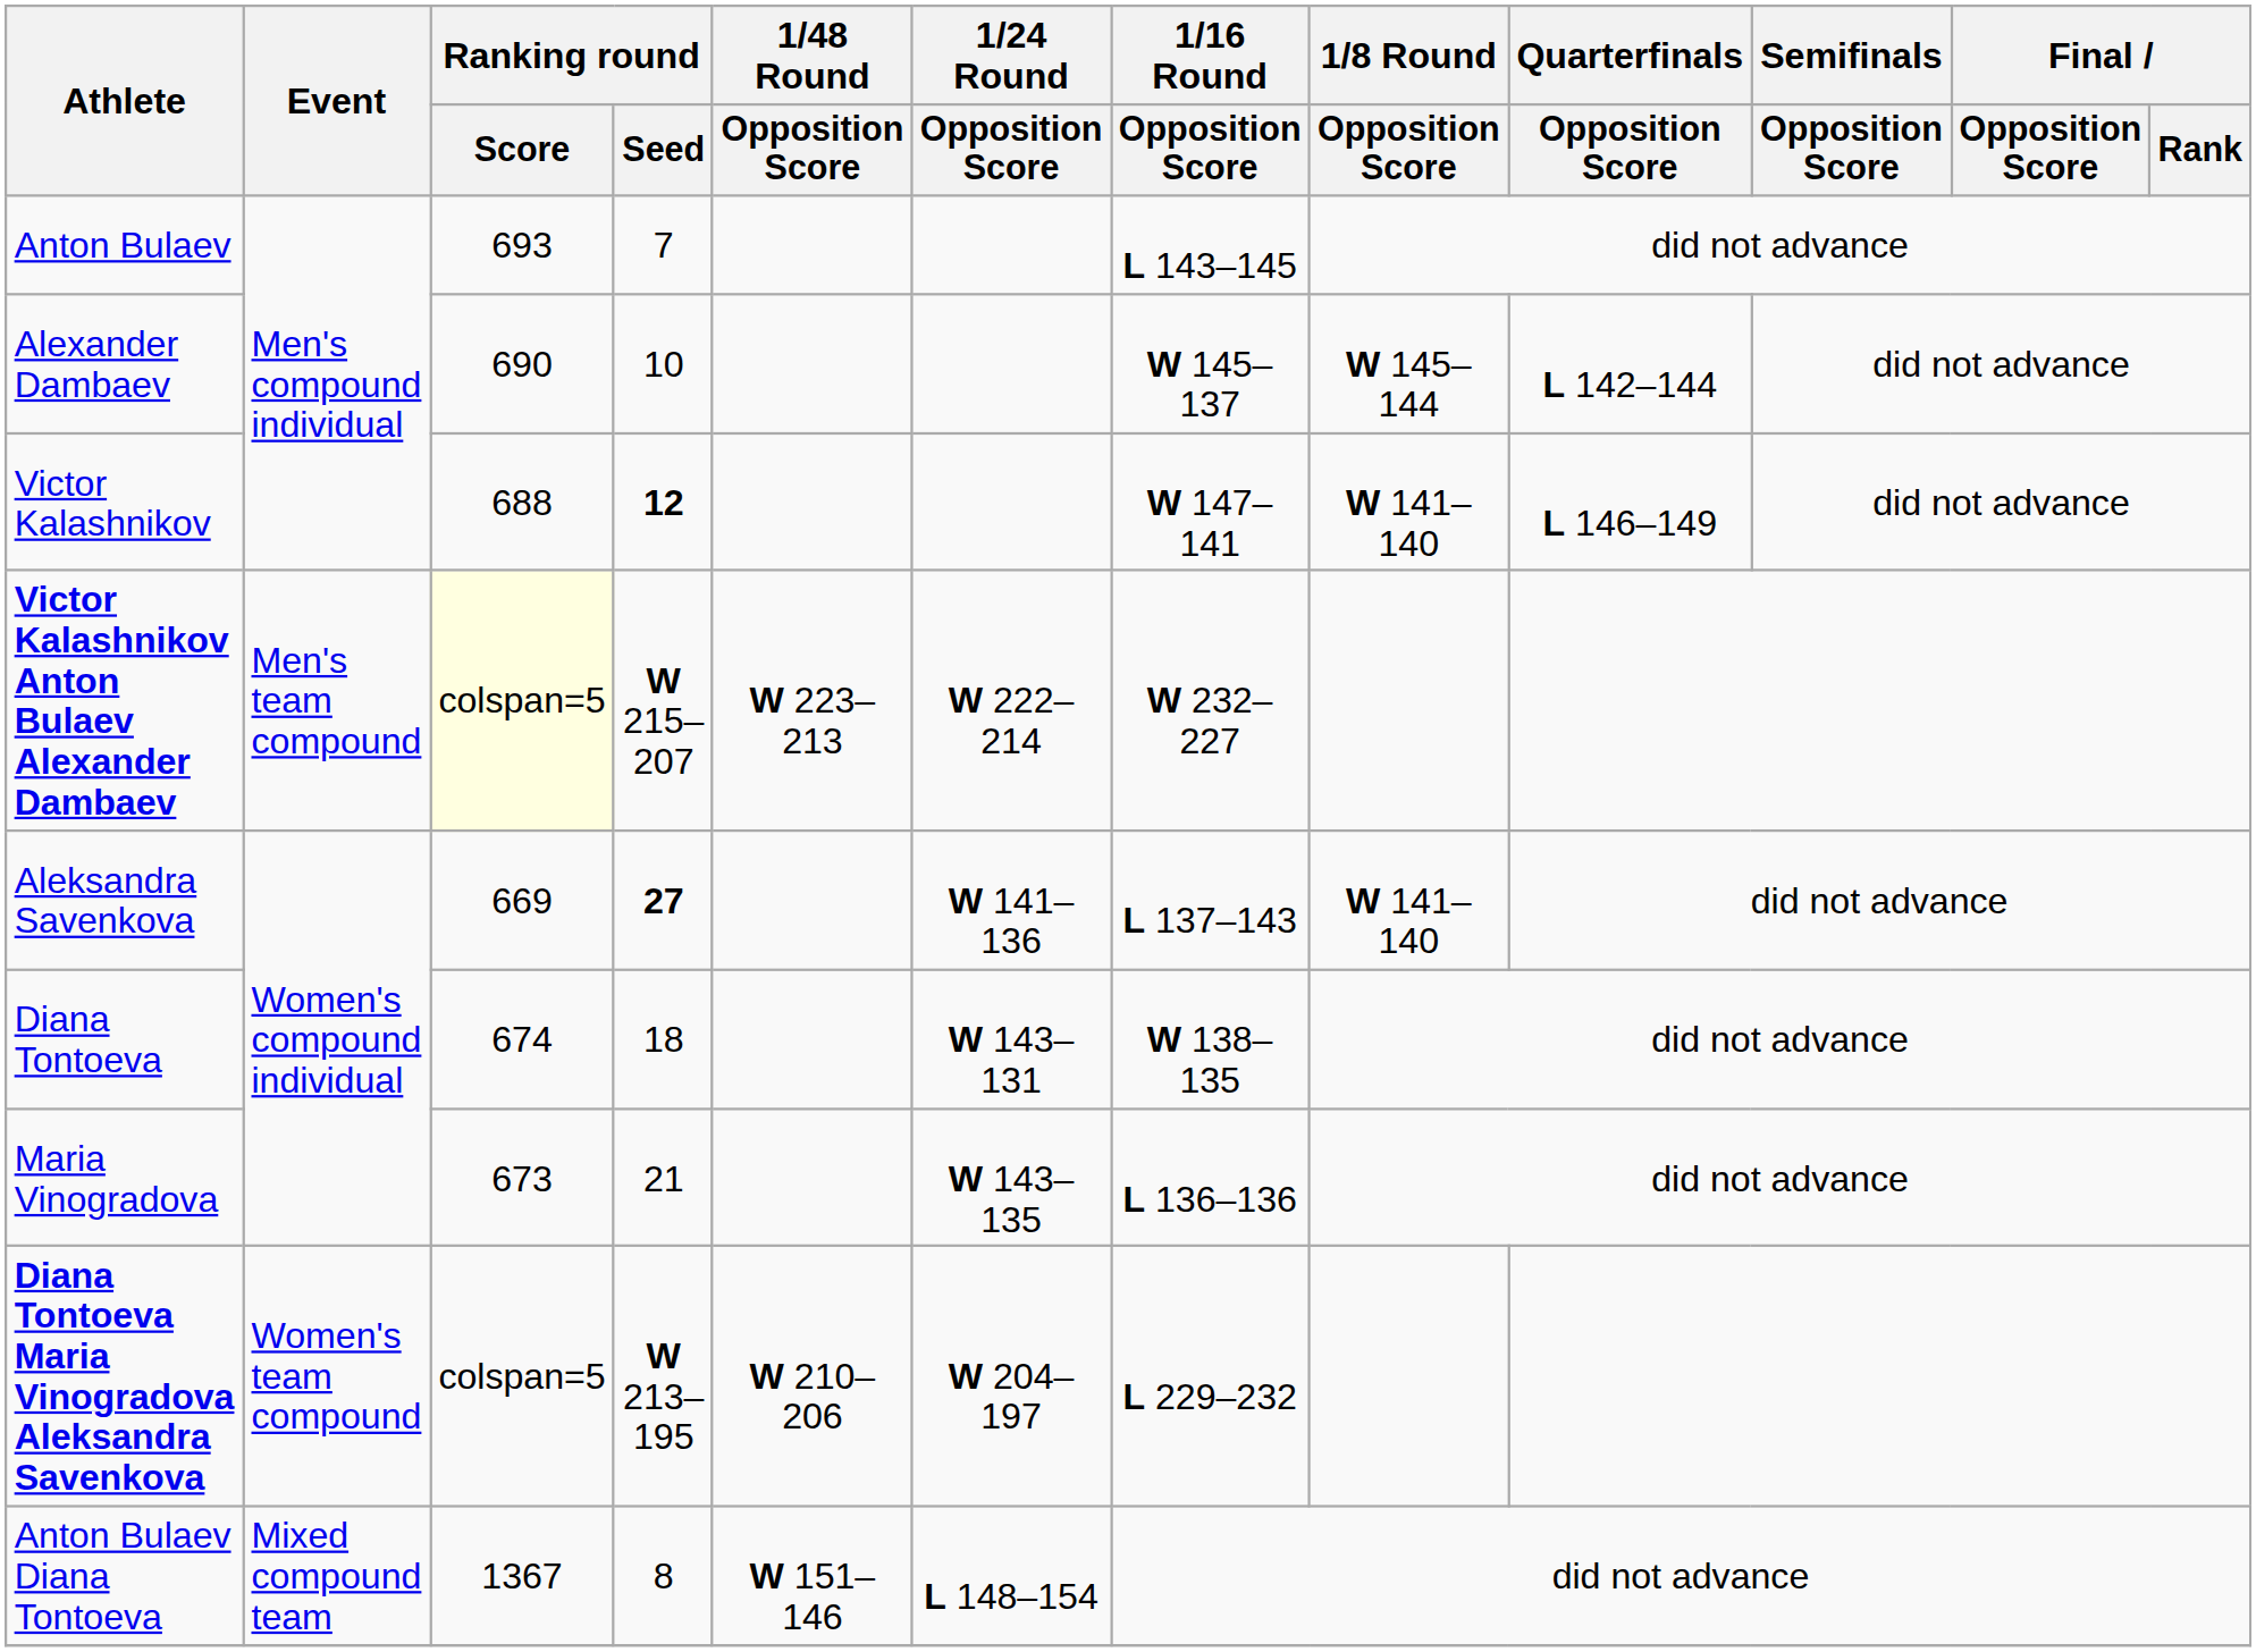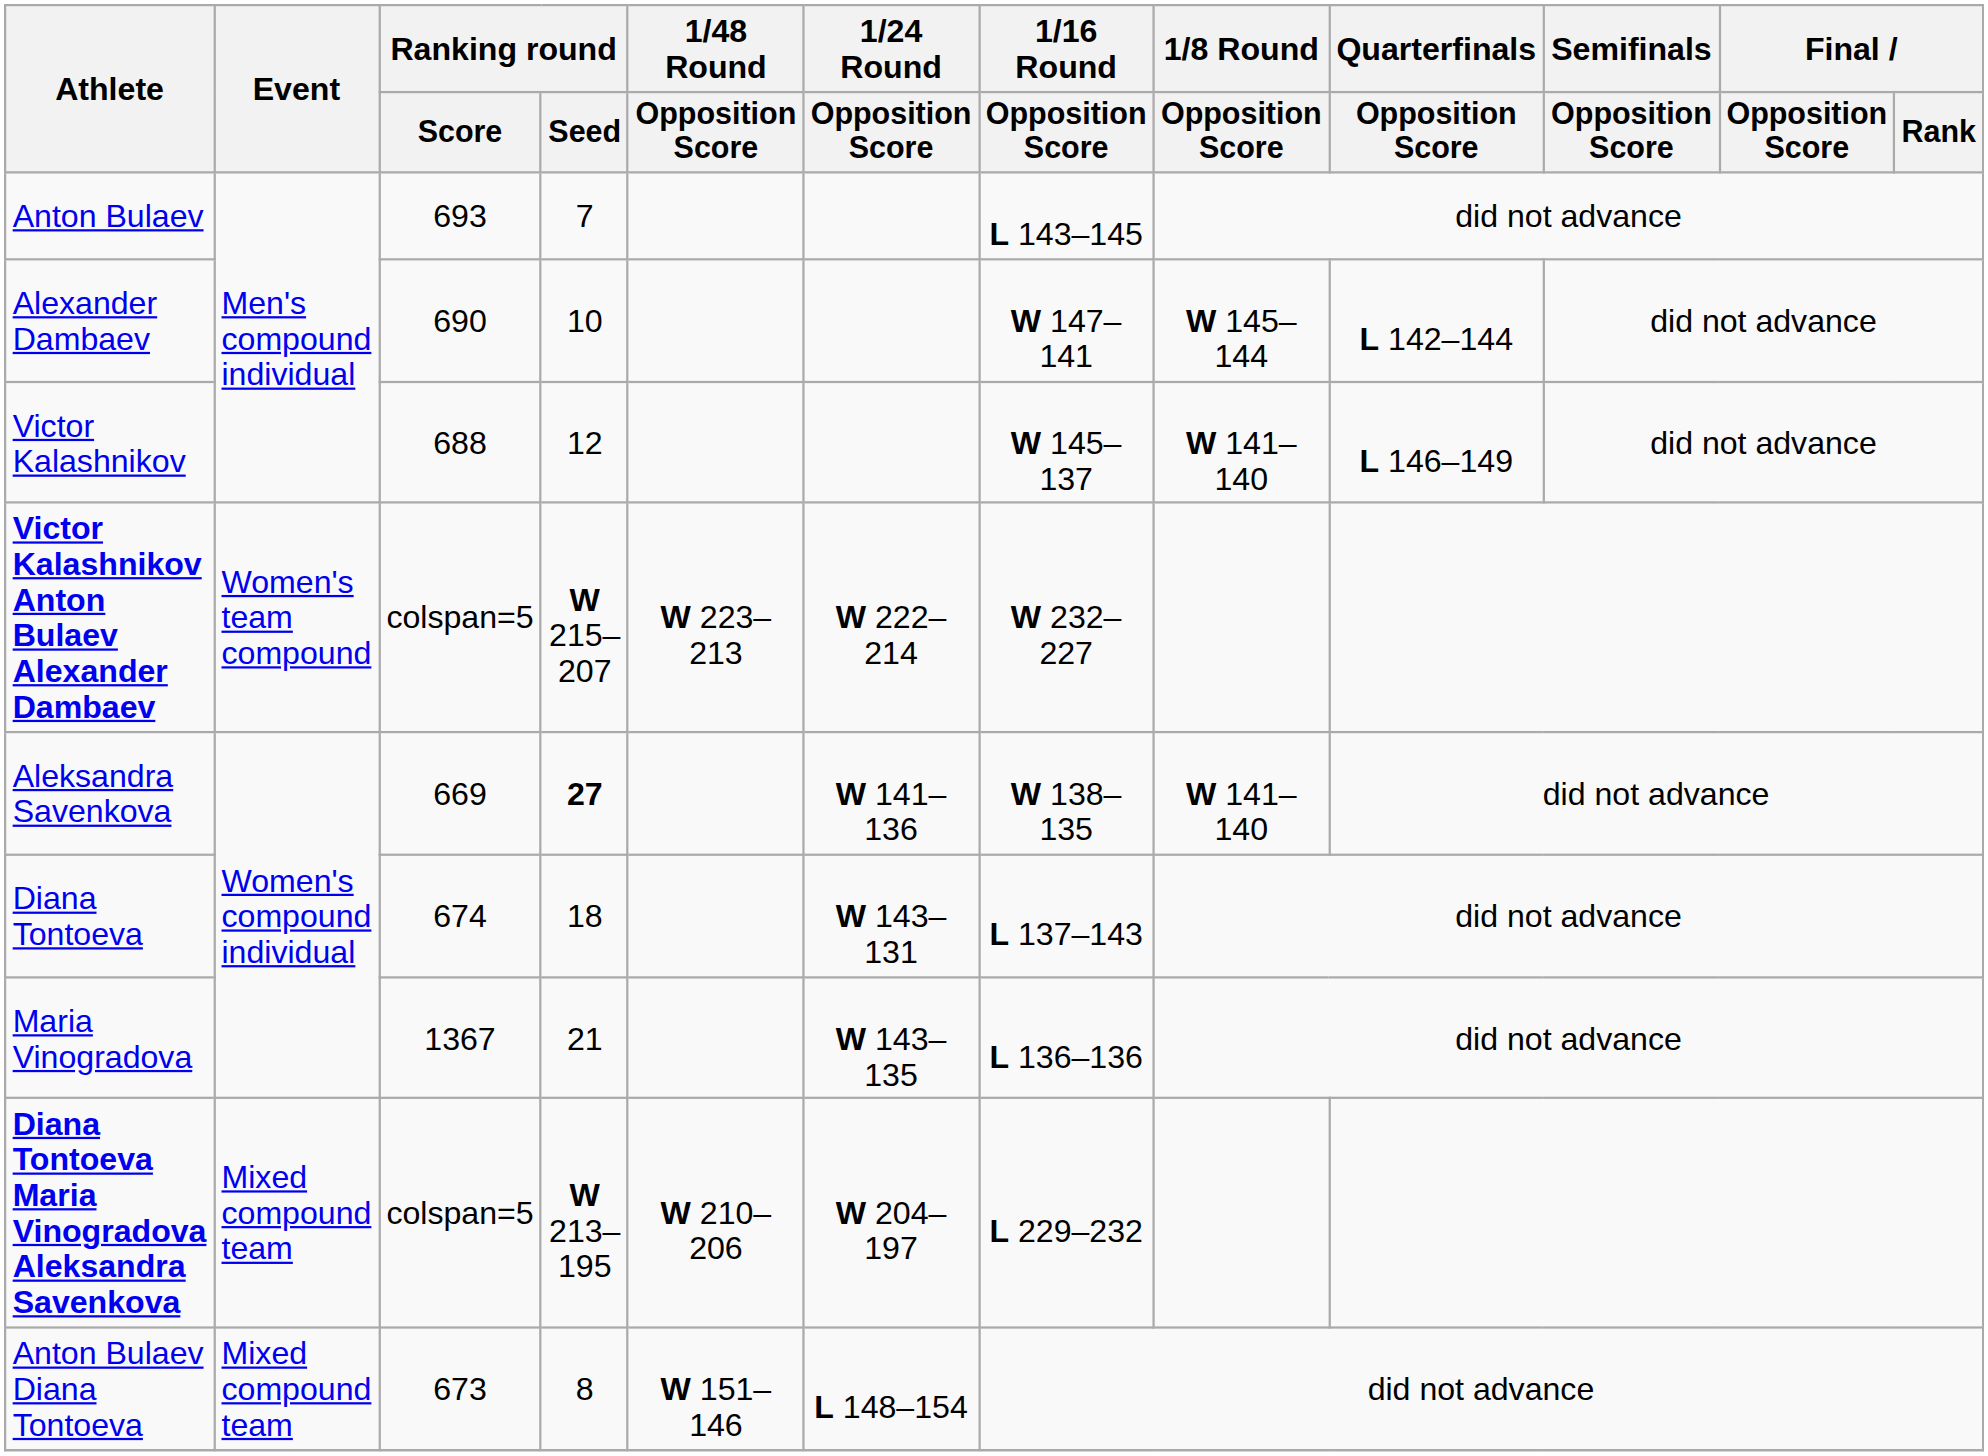 <table class="wikitable" style="font-size:90%">
 <tr>
 <th rowspan=2>Athlete</th>
 <th rowspan=2>Event</th>
 <th colspan=2>Ranking round</th>
 <th>1/48 Round</th>
 <th>1/24 Round</th>
 <th>1/16 Round</th>
 <th>1/8 Round</th>
 <th>Quarterfinals</th>
 <th>Semifinals</th>
 <th colspan=2>Final / </th>
 </tr>
 <tr style="font-size:95%">
 <th>Score</th>
 <th>Seed</th>
 <th>Opposition<br>Score</th>
 <th>Opposition<br>Score</th>
 <th>Opposition<br>Score</th>
 <th>Opposition<br>Score</th>
 <th>Opposition<br>Score</th>
 <th>Opposition<br>Score</th>
 <th>Opposition<br>Score</th>
 <th>Rank</th>
 </tr>
 <tr align=center>
 <td align=left><a href='#'>Anton Bulaev</a></td>
 <td align=left rowspan=3><a href='#'>Men's compound individual</a></td>
 <td>693</td>
 <td>7</td>
 <td></td>
 <td></td>
 <td><br><strong>L</strong> 143–145</td>
 <td colspan=5>did not advance</td>
 </tr>
 <tr align=center>
 <td align=left><a href='#'>Alexander Dambaev</a></td>
 <td>690</td>
 <td>10</td>
 <td></td>
 <td></td>
-<td><br><strong>W</strong> 145–137</td>
+<td><br><strong>W</strong> 147–141</td>
 <td><br><strong>W</strong> 145–144</td>
 <td><br><strong>L</strong> 142–144</td>
 <td colspan=3>did not advance</td>
 </tr>
 <tr align=center>
 <td align=left><a href='#'>Victor Kalashnikov</a></td>
 <td>688</td>
-<td><strong>12</strong></td>
+<td>12</td>
 <td></td>
 <td></td>
-<td><br><strong>W</strong> 147–141</td>
+<td><br><strong>W</strong> 145–137</td>
 <td><br><strong>W</strong> 141–140</td>
 <td><br><strong>L</strong> 146–149</td>
 <td colspan=3>did not advance</td>
 </tr>
 <tr align=center>
 <td align=left><strong><a href='#'>Victor Kalashnikov</a><br><a href='#'>Anton Bulaev</a><br><a href='#'>Alexander Dambaev</a></strong></td>
-<td align=left><a href='#'>Men's team compound</a></td>
-<td style="background: lightyellow;">colspan=5</td>
+<td align=left><a href='#'>Women's team compound</a></td>
+<td>colspan=5</td>
 <td><br><strong>W</strong> 215–207</td>
 <td><br><strong>W</strong> 223–213</td>
 <td><br><strong>W</strong> 222–214</td>
 <td><br><strong>W</strong> 232–227</td>
 <td></td>
 </tr>
 <tr align=center>
 <td align=left><a href='#'>Aleksandra Savenkova</a></td>
 <td align=left rowspan=3><a href='#'>Women's compound individual</a></td>
 <td>669</td>
 <td><strong>27</strong></td>
 <td></td>
 <td><br><strong>W</strong> 141–136</td>
-<td><br><strong>L</strong> 137–143</td>
+<td><br><strong>W</strong> 138–135</td>
 <td><br><strong>W</strong> 141–140</td>
 <td colspan=4>did not advance</td>
 </tr>
 <tr align=center>
 <td align=left><a href='#'>Diana Tontoeva</a></td>
 <td>674</td>
 <td>18</td>
 <td></td>
 <td><br><strong>W</strong> 143–131</td>
-<td><br><strong>W</strong> 138–135</td>
+<td><br><strong>L</strong> 137–143</td>
 <td colspan=5>did not advance</td>
 </tr>
 <tr align=center>
 <td align=left><a href='#'>Maria Vinogradova</a></td>
-<td>673</td>
+<td>1367</td>
 <td>21</td>
 <td></td>
 <td><br><strong>W</strong> 143–135</td>
 <td><br><strong>L</strong> 136–136</td>
 <td colspan=5>did not advance</td>
 </tr>
 <tr align=center>
 <td align=left><strong><a href='#'>Diana Tontoeva</a><br><a href='#'>Maria Vinogradova</a><br><a href='#'>Aleksandra Savenkova</a></strong></td>
-<td align=left><a href='#'>Women's team compound</a></td>
+<td align=left><a href='#'>Mixed compound team</a></td>
 <td>colspan=5</td>
 <td><br><strong>W</strong> 213–195</td>
 <td><br><strong>W</strong> 210–206</td>
 <td><br><strong>W</strong> 204–197</td>
 <td><br><strong>L</strong> 229–232</td>
 <td></td>
 </tr>
 <tr align=center>
 <td align=left><a href='#'>Anton Bulaev</a><br><a href='#'>Diana Tontoeva</a></td>
 <td align=left><a href='#'>Mixed compound team</a></td>
-<td>1367</td>
+<td>673</td>
 <td>8</td>
 <td><br><strong>W</strong> 151–146</td>
 <td><br><strong>L</strong> 148–154</td>
 <td colspan=6>did not advance</td>
 </tr>
 <tr align=center>
 </tr>
 </table>
